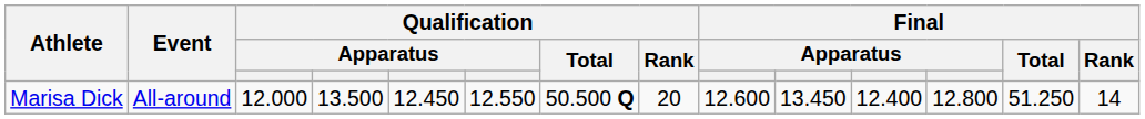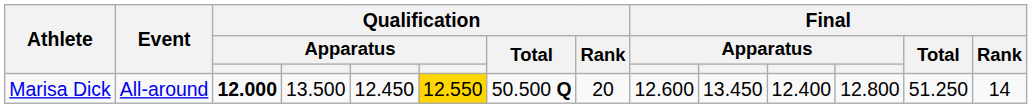 <table class="wikitable" style="font-size:90%">
 <tr>
 <th rowspan=3>Athlete</th>
 <th rowspan=3>Event</th>
 <th colspan=6>Qualification</th>
 <th colspan=6>Final</th>
 </tr>
 <tr style="font-size:95%">
 <th colspan=4>Apparatus</th>
 <th rowspan=2>Total</th>
 <th rowspan=2>Rank</th>
 <th colspan=4>Apparatus</th>
 <th rowspan=2>Total</th>
 <th rowspan=2>Rank</th>
 </tr>
 <tr style="font-size:95%">
 <th></th>
 <th></th>
 <th></th>
 <th></th>
 <th></th>
 <th></th>
 <th></th>
 <th></th>
 </tr>
 <tr align=center>
 <td align=left><a href='#'>Marisa Dick</a></td>
 <td style="text-align:left;"><a href='#'>All-around</a></td>
-<td>12.000</td>
+<td><strong>12.000</strong></td>
 <td>13.500</td>
 <td>12.450</td>
-<td>12.550</td>
+<td style="background: gold;">12.550</td>
 <td>50.500 <strong>Q</strong></td>
 <td>20</td>
 <td>12.600</td>
 <td>13.450</td>
 <td>12.400</td>
 <td>12.800</td>
 <td>51.250</td>
 <td>14</td>
 </tr>
 </table>
